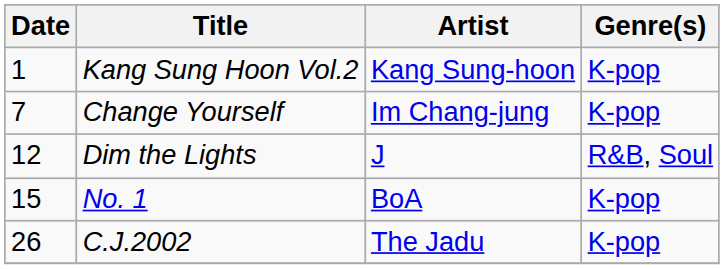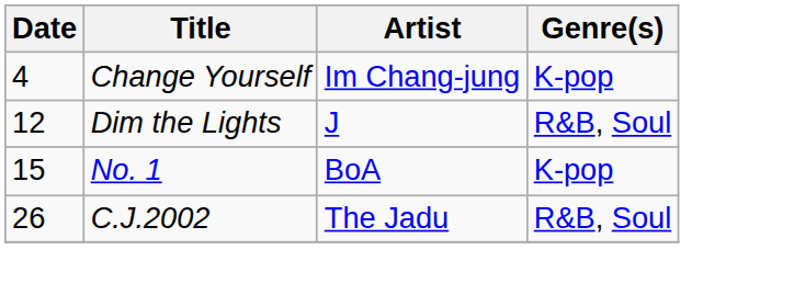 <table class="wikitable" style="text-align: left;">
 <tr>
 <th>Date</th>
 <th>Title</th>
 <th>Artist</th>
 <th>Genre(s)</th>
 </tr>
 <tr>
-<td>1</td>
-<td><em>Kang Sung Hoon Vol.2</em></td>
-<td><a href='#'>Kang Sung-hoon</a></td>
-<td><a href='#'>K-pop</a></td>
-</tr>
-<tr>
-<td>7</td>
+<td>4</td>
 <td><em>Change Yourself</em></td>
 <td><a href='#'>Im Chang-jung</a></td>
 <td><a href='#'>K-pop</a></td>
 </tr>
 <tr>
 <td>12</td>
 <td><em>Dim the Lights</em></td>
 <td><a href='#'>J</a></td>
 <td><a href='#'>R&B</a>, <a href='#'>Soul</a></td>
 </tr>
 <tr>
 <td rowspan="1'">15</td>
 <td><em><a href='#'>No. 1</a></em></td>
 <td><a href='#'>BoA</a></td>
 <td><a href='#'>K-pop</a></td>
 </tr>
 <tr>
 <td>26</td>
 <td><em>C.J.2002</em></td>
 <td><a href='#'>The Jadu</a></td>
-<td><a href='#'>K-pop</a></td>
+<td><a href='#'>R&B</a>, <a href='#'>Soul</a></td>
 </tr>
 <tr>
 </tr>
 </table>
